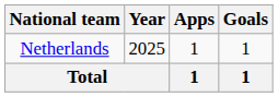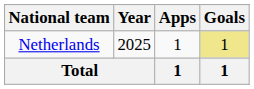 <table class="wikitable" style="text-align: center;">
 <tr>
 <th>National team</th>
 <th>Year</th>
 <th>Apps</th>
 <th>Goals</th>
 </tr>
 <tr>
 <td><a href='#'>Netherlands</a></td>
 <td>2025</td>
 <td>1</td>
-<td>1</td>
+<td style="background: khaki;">1</td>
 </tr>
 <tr>
 <th colspan="2">Total</th>
 <th>1</th>
 <th>1</th>
 </tr>
 </table>
